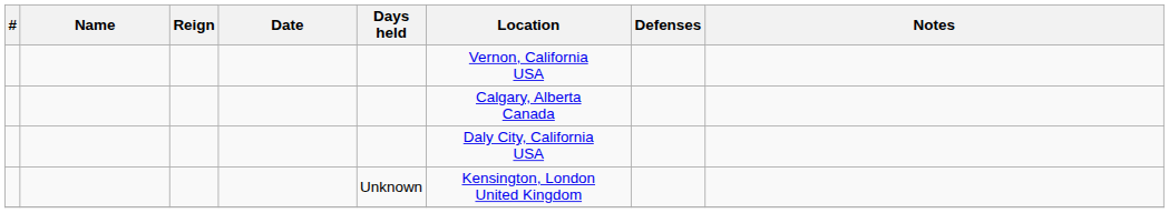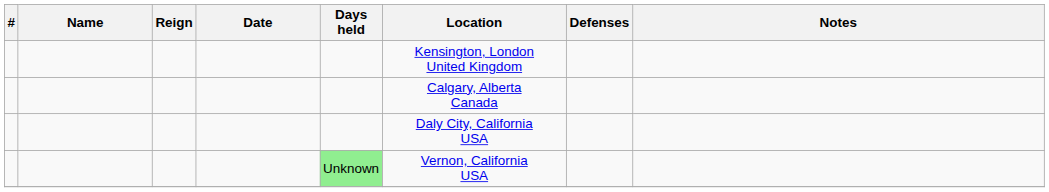 <table class="wikitable sortable" width=98% style="text-align:center;">
 <tr>
 <th width=0%>#</th>
 <th width=14%>Name</th>
 <th width=0%>Reign</th>
 <th width=13%>Date</th>
 <th width=5%>Days<br>held</th>
 <th width=19%>Location</th>
 <th width=5%>Defenses</th>
 <th width=44% class="unsortable">Notes</th>
 </tr>
 <tr>
 <td></td>
 <td></td>
 <td></td>
 <td></td>
 <td></td>
-<td><a href='#'>Vernon, California</a><br><a href='#'>USA</a></td>
+<td><a href='#'>Kensington, London</a><br><a href='#'>United Kingdom</a></td>
 <td></td>
 <td align=left></td>
 </tr>
 <tr>
 <td></td>
 <td></td>
 <td></td>
 <td></td>
 <td></td>
 <td><a href='#'>Calgary, Alberta</a><br><a href='#'>Canada</a></td>
 <td></td>
 <td align=left></td>
 </tr>
 <tr>
 <td></td>
 <td></td>
 <td></td>
 <td></td>
 <td></td>
 <td><a href='#'>Daly City, California</a><br><a href='#'>USA</a></td>
 <td></td>
 <td align=left></td>
 </tr>
 <tr>
 <td></td>
 <td></td>
 <td></td>
 <td></td>
-<td>Unknown</td>
-<td><a href='#'>Kensington, London</a><br><a href='#'>United Kingdom</a></td>
+<td style="background: lightgreen;">Unknown</td>
+<td><a href='#'>Vernon, California</a><br><a href='#'>USA</a></td>
 <td></td>
 <td align=left></td>
 </tr>
 <tr>
 </tr>
 </table>
